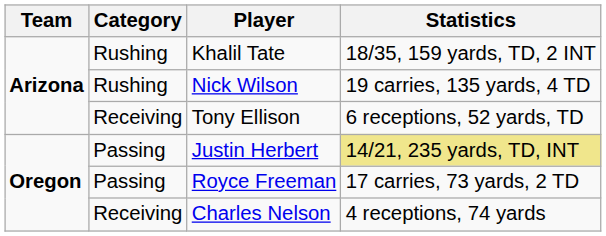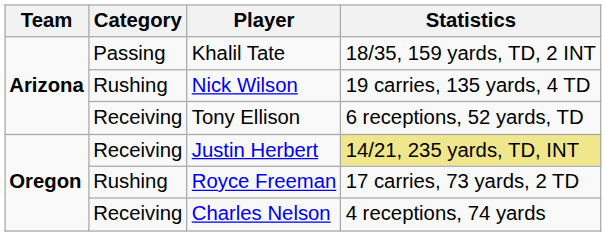 <table class="wikitable" style="float: right;">
 <tr>
 <th>Team</th>
 <th>Category</th>
 <th>Player</th>
 <th>Statistics</th>
 </tr>
 <tr>
 <td rowspan=3><strong>Arizona</strong></td>
-<td>Rushing</td>
+<td>Passing</td>
 <td>Khalil Tate</td>
 <td>18/35, 159 yards, TD, 2 INT</td>
 </tr>
 <tr>
 <td>Rushing</td>
 <td><a href='#'>Nick Wilson</a></td>
 <td>19 carries, 135 yards, 4 TD</td>
 </tr>
 <tr>
 <td>Receiving</td>
 <td>Tony Ellison</td>
 <td>6 receptions, 52 yards, TD</td>
 </tr>
 <tr>
 <td rowspan=3><strong>Oregon</strong></td>
-<td>Passing</td>
+<td>Receiving</td>
 <td><a href='#'>Justin Herbert</a></td>
 <td style="background: khaki;">14/21, 235 yards, TD, INT</td>
 </tr>
 <tr>
-<td>Passing</td>
+<td>Rushing</td>
 <td><a href='#'>Royce Freeman</a></td>
 <td>17 carries, 73 yards, 2 TD</td>
 </tr>
 <tr>
 <td>Receiving</td>
 <td><a href='#'>Charles Nelson</a></td>
 <td>4 receptions, 74 yards</td>
 </tr>
 </table>
